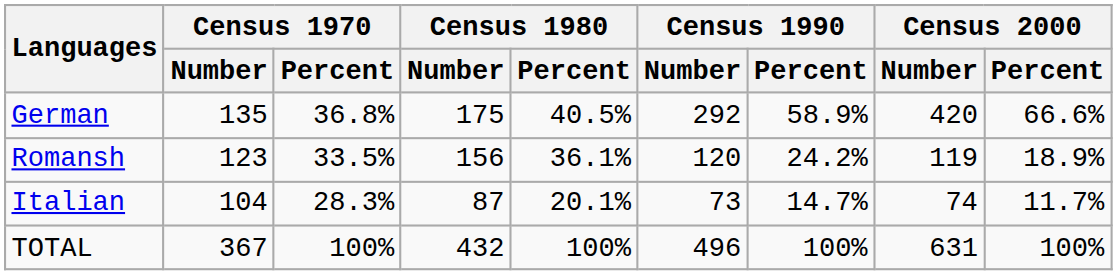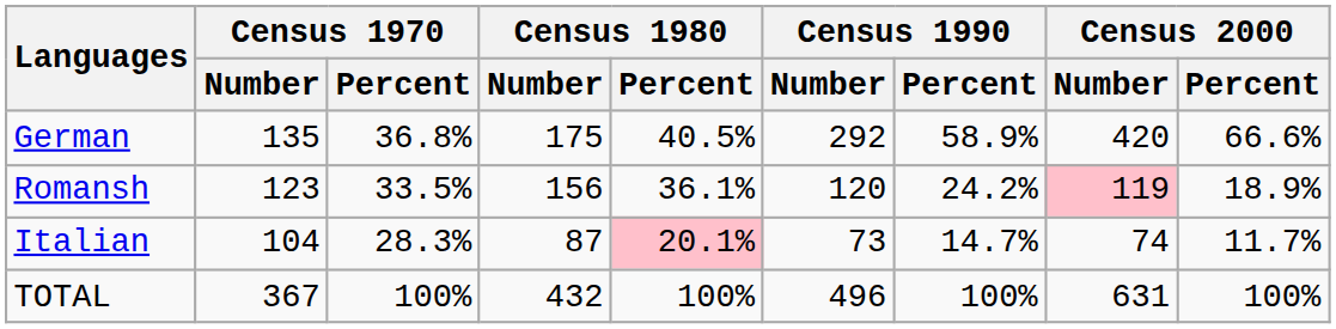 <table class="wikitable">
 <tr ---->
 <th rowspan="2">Languages</th>
 <th colspan="2">Census 1970</th>
 <th colspan="2">Census 1980</th>
 <th colspan="2">Census 1990</th>
 <th colspan="2">Census 2000</th>
 </tr>
 <tr ---->
 <th>Number</th>
 <th>Percent</th>
 <th>Number</th>
 <th>Percent</th>
 <th>Number</th>
 <th>Percent</th>
 <th>Number</th>
 <th>Percent</th>
 </tr>
 <tr ---->
 <td><a href='#'>German</a></td>
 <td align=right>135</td>
 <td align=right>36.8%</td>
 <td align=right>175</td>
 <td align=right>40.5%</td>
 <td align=right>292</td>
 <td align=right>58.9%</td>
 <td align=right>420</td>
 <td align=right>66.6%</td>
 </tr>
 <tr ---->
 <td><a href='#'>Romansh</a></td>
 <td align=right>123</td>
 <td align=right>33.5%</td>
 <td align=right>156</td>
 <td align=right>36.1%</td>
 <td align=right>120</td>
 <td align=right>24.2%</td>
-<td align=right>119</td>
+<td align=right style="background: pink;">119</td>
 <td align=right>18.9%</td>
 </tr>
 <tr ---->
 <td><a href='#'>Italian</a></td>
 <td align=right>104</td>
 <td align=right>28.3%</td>
 <td align=right>87</td>
-<td align=right>20.1%</td>
+<td align=right style="background: pink;">20.1%</td>
 <td align=right>73</td>
 <td align=right>14.7%</td>
 <td align=right>74</td>
 <td align=right>11.7%</td>
 </tr>
 <tr ---->
 <td>TOTAL</td>
 <td align=right>367</td>
 <td align=right>100%</td>
 <td align=right>432</td>
 <td align=right>100%</td>
 <td align=right>496</td>
 <td align=right>100%</td>
 <td align=right>631</td>
 <td align=right>100%</td>
 </tr>
 </table>
